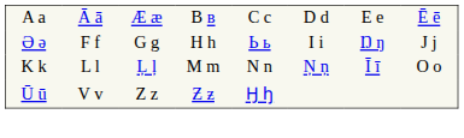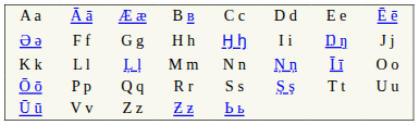 <table style="border: 1px solid rgb(0, 0, 0); border-image: none; font-family: Arial Unicode MS; font-size: 1.4em; border-collapse: collapse; background-color: rgb(248, 248, 239);">
 <tr>
 <td style="width:3em; text-align:center; padding: 3px;">A a</td>
 <td style="width:3em; text-align:center; padding: 3px;"><a href='#'>Ā ā</a></td>
 <td style="width:3em; text-align:center; padding: 3px;"><a href='#'>Æ æ</a></td>
 <td style="width:3em; text-align:center; padding: 3px;">B <a href='#'>ʙ</a></td>
 <td style="width:3em; text-align:center; padding: 3px;">C c</td>
 <td style="width:3em; text-align:center; padding: 3px;">D d</td>
 <td style="width:3em; text-align:center; padding: 3px;">E e</td>
 <td style="width:3em; text-align:center; padding: 3px;"><a href='#'>Ē ē</a></td>
 </tr>
 <tr>
 <td style="width:3em; text-align:center; padding: 3px;"><a href='#'>Ə ə</a></td>
 <td style="width:3em; text-align:center; padding: 3px;">F f</td>
 <td style="width:3em; text-align:center; padding: 3px;">G g</td>
 <td style="width:3em; text-align:center; padding: 3px;">H h</td>
-<td style="width:3em; text-align:center; padding: 3px;"><a href='#'>Ь ь</a></td>
+<td style="width:3em; text-align:center; padding: 3px;"><a href='#'>Ꜧ ꜧ</a></td>
 <td style="width:3em; text-align:center; padding: 3px;">I i</td>
 <td style="width:3em; text-align:center; padding: 3px;"><a href='#'>Ŋ ŋ</a></td>
 <td style="width:3em; text-align:center; padding: 3px;">J j</td>
 </tr>
 <tr>
 <td style="width:3em; text-align:center; padding: 3px;">K k</td>
 <td style="width:3em; text-align:center; padding: 3px;">L l</td>
 <td style="width:3em; text-align:center; padding: 3px;"><a href='#'>Ļ ļ</a></td>
 <td style="width:3em; text-align:center; padding: 3px;">M m</td>
 <td style="width:3em; text-align:center; padding: 3px;">N n</td>
 <td style="width:3em; text-align:center; padding: 3px;"><a href='#'>Ņ ņ</a></td>
 <td style="width:3em; text-align:center; padding: 3px;"><a href='#'>Ī ī</a></td>
 <td style="width:3em; text-align:center; padding: 3px;">O o</td>
 </tr>
 <tr>
+<td style="width:3em; text-align:center; padding: 3px;"><a href='#'>Ō ō</a></td>
+<td style="width:3em; text-align:center; padding: 3px;">P p</td>
+<td style="width:3em; text-align:center; padding: 3px;">Q q</td>
+<td style="width:3em; text-align:center; padding: 3px;">R r</td>
+<td style="width:3em; text-align:center; padding: 3px;">S s</td>
+<td style="width:3em; text-align:center; padding: 3px;"><a href='#'>Ş ş</a></td>
+<td style="width:3em; text-align:center; padding: 3px;">T t</td>
+<td style="width:3em; text-align:center; padding: 3px;">U u</td>
+</tr>
+<tr>
 <td style="width:3em; text-align:center; padding: 3px;"><a href='#'>Ū ū</a></td>
 <td style="width:3em; text-align:center; padding: 3px;">V v</td>
 <td style="width:3em; text-align:center; padding: 3px;">Z z</td>
 <td style="width:3em; text-align:center; padding: 3px;"><a href='#'>Ƶ ƶ</a></td>
-<td style="width:3em; text-align:center; padding: 3px;"><a href='#'>Ꜧ ꜧ</a></td>
+<td style="width:3em; text-align:center; padding: 3px;"><a href='#'>Ь ь</a></td>
 <td style="width:3em; text-align:center; padding: 3px;"></td>
 <td style="width:3em; text-align:center; padding: 3px;"></td>
 <td style="width:3em; text-align:center; padding: 3px;"></td>
 </tr>
 </table>
